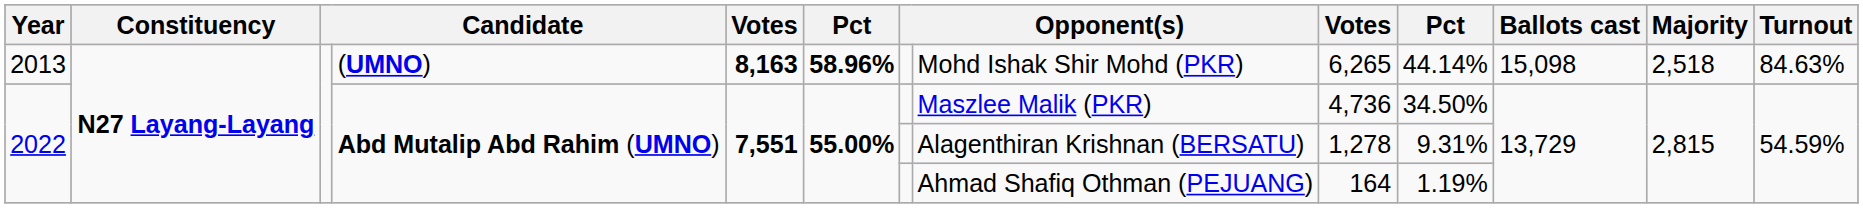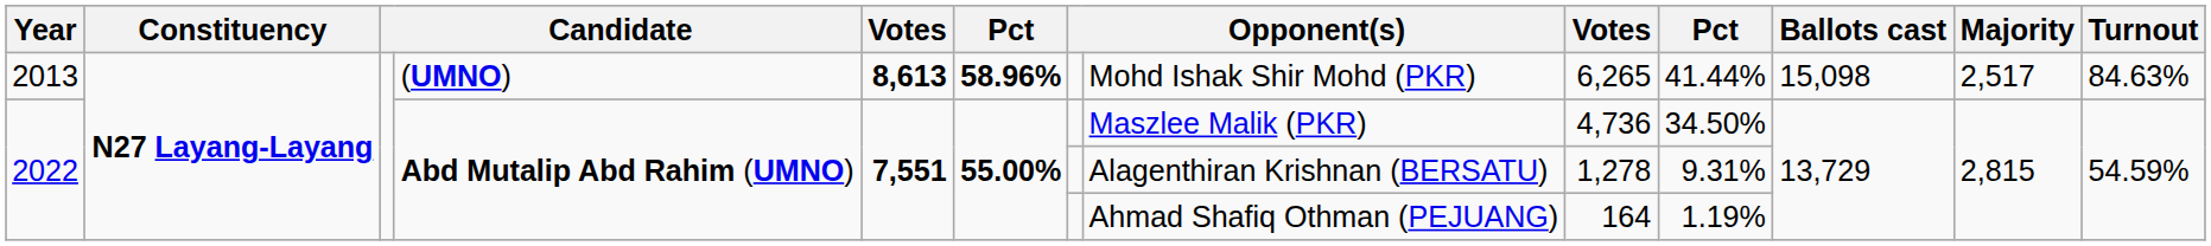 <table class="wikitable" style="margin:0.5em ; font-size:95%">
 <tr>
 <th>Year</th>
 <th>Constituency</th>
 <th colspan=2>Candidate</th>
 <th>Votes</th>
 <th>Pct</th>
 <th colspan=2>Opponent(s)</th>
 <th>Votes</th>
 <th>Pct</th>
 <th>Ballots cast</th>
 <th>Majority</th>
 <th>Turnout</th>
 </tr>
 <tr>
 <td>2013</td>
 <td rowspan="4"><strong>N27 <a href='#'>Layang-Layang</a></strong></td>
 <td rowspan="4" ></td>
 <td> (<a href='#'><strong>UMNO</strong></a>)</td>
-<td align="right"><strong>8,163</strong></td>
+<td align="right"><strong>8,613</strong></td>
 <td><strong>58.96%</strong></td>
 <td></td>
 <td>Mohd Ishak Shir Mohd (<a href='#'>PKR</a>)</td>
 <td align="right">6,265</td>
-<td>44.14%</td>
+<td>41.44%</td>
 <td>15,098</td>
-<td>2,518</td>
+<td>2,517</td>
 <td>84.63%</td>
 </tr>
 <tr>
 <td rowspan="3"><a href='#'>2022</a></td>
 <td rowspan="3"><strong>Abd Mutalip Abd Rahim</strong> (<a href='#'><strong>UMNO</strong></a>)</td>
 <td rowspan="3" align=right><strong>7,551</strong></td>
 <td rowspan="3"><strong>55.00%</strong></td>
 <td></td>
 <td><a href='#'>Maszlee Malik</a> (<a href='#'>PKR</a>)</td>
 <td align=right>4,736</td>
 <td>34.50%</td>
 <td rowspan="3">13,729</td>
 <td rowspan="3">2,815</td>
 <td rowspan="3">54.59%</td>
 </tr>
 <tr>
 <td></td>
 <td>Alagenthiran Krishnan (<a href='#'>BERSATU</a>)</td>
 <td align=right>1,278</td>
 <td align=right>9.31%</td>
 </tr>
 <tr>
 <td></td>
 <td>Ahmad Shafiq Othman (<a href='#'>PEJUANG</a>)</td>
 <td align=right>164</td>
 <td align=right>1.19%</td>
 </tr>
 </table>
